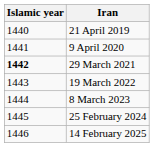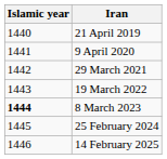 <table class="wikitable">
 <tr>
 <th>Islamic year</th>
 <th>Iran</th>
 </tr>
 <tr>
 <td>1440</td>
 <td>21 April 2019</td>
 </tr>
 <tr>
 <td>1441</td>
 <td>9 April 2020</td>
 </tr>
 <tr>
-<td><strong>1442</strong></td>
+<td>1442</td>
 <td>29 March 2021</td>
 </tr>
 <tr>
 <td>1443</td>
 <td>19 March 2022</td>
 </tr>
 <tr>
-<td>1444</td>
+<td><strong>1444</strong></td>
 <td>8 March 2023</td>
 </tr>
 <tr>
 <td>1445</td>
 <td>25 February 2024</td>
 </tr>
 <tr>
 <td>1446</td>
 <td>14 February 2025</td>
 </tr>
 </table>
